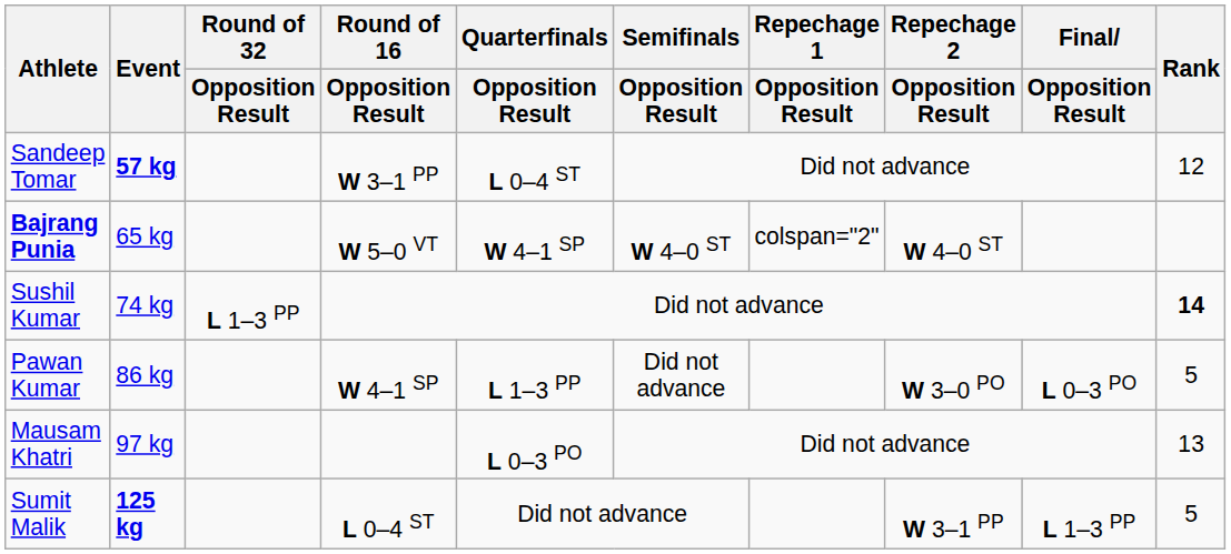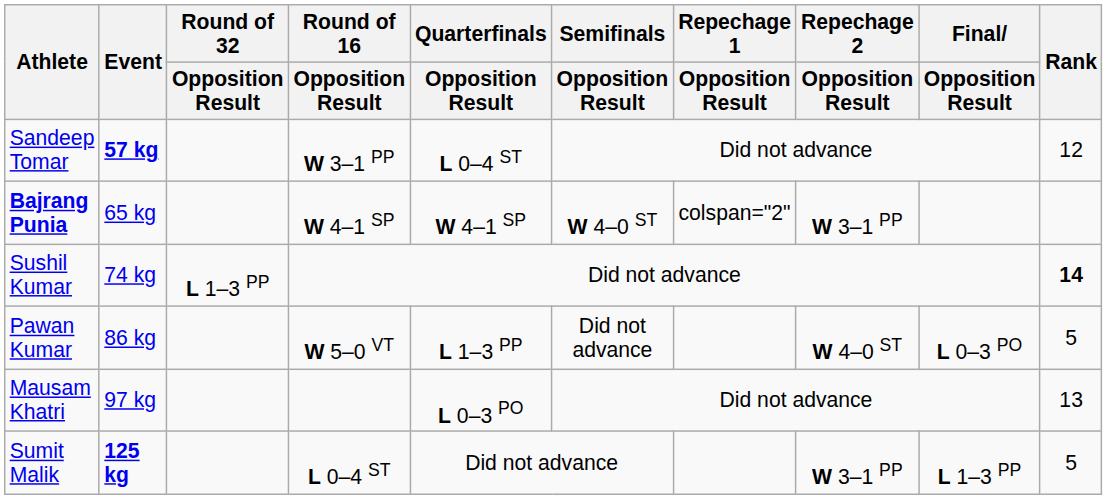 <table class=wikitable style="text-align:center; font-size:90%">
 <tr>
 <th rowspan=2>Athlete</th>
 <th rowspan=2>Event</th>
 <th>Round of 32</th>
 <th>Round of 16</th>
 <th>Quarterfinals</th>
 <th>Semifinals</th>
 <th>Repechage 1</th>
 <th>Repechage 2</th>
 <th>Final/</th>
 <th rowspan=2>Rank</th>
 </tr>
 <tr>
 <th>Opposition<br>Result</th>
 <th>Opposition<br>Result</th>
 <th>Opposition<br>Result</th>
 <th>Opposition<br>Result</th>
 <th>Opposition<br>Result</th>
 <th>Opposition<br>Result</th>
 <th>Opposition<br>Result</th>
 </tr>
 <tr>
 <td align=left><a href='#'>Sandeep Tomar</a></td>
 <td align=left><strong><a href='#'>57 kg</a></strong></td>
 <td></td>
 <td><br><strong>W</strong> 3–1 <sup>PP</sup></td>
 <td><br><strong>L</strong> 0–4 <sup>ST</sup></td>
 <td colspan="4">Did not advance</td>
 <td>12</td>
 </tr>
 <tr>
 <td align=left><strong><a href='#'>Bajrang Punia</a></strong></td>
 <td align=left><a href='#'>65 kg</a></td>
 <td></td>
-<td><br><strong>W</strong> 5–0 <sup>VT</sup></td>
+<td><br><strong>W</strong> 4–1 <sup>SP</sup></td>
 <td><br><strong>W</strong> 4–1 <sup>SP</sup></td>
 <td><br><strong>W</strong> 4–0 <sup>ST</sup></td>
 <td>colspan="2" </td>
-<td><br><strong>W</strong> 4–0 <sup>ST</sup></td>
+<td><br><strong>W</strong> 3–1 <sup>PP</sup></td>
 <td></td>
 </tr>
 <tr>
 <td align=left><a href='#'>Sushil Kumar</a></td>
 <td style="text-align:left;"><a href='#'>74 kg</a></td>
 <td><br><strong>L</strong> 1–3 <sup>PP</sup></td>
 <td colspan="6">Did not advance</td>
 <td><strong>14</strong></td>
 </tr>
 <tr>
 <td align=left><a href='#'>Pawan Kumar</a></td>
 <td align=left><a href='#'>86 kg</a></td>
 <td></td>
-<td><br><strong>W</strong> 4–1 <sup>SP</sup></td>
+<td><br><strong>W</strong> 5–0 <sup>VT</sup></td>
 <td><br><strong>L</strong> 1–3 <sup>PP</sup></td>
 <td>Did not advance</td>
 <td></td>
-<td><br><strong>W</strong> 3–0 <sup>PO</sup></td>
+<td><br><strong>W</strong> 4–0 <sup>ST</sup></td>
 <td><br><strong>L</strong> 0–3 <sup>PO</sup></td>
 <td>5</td>
 </tr>
 <tr>
 <td align=left><a href='#'>Mausam Khatri</a></td>
 <td align=left><a href='#'>97 kg</a></td>
 <td></td>
 <td></td>
 <td><br><strong>L</strong> 0–3 <sup>PO</sup></td>
 <td colspan="4">Did not advance</td>
 <td>13</td>
 </tr>
 <tr>
 <td align=left><a href='#'>Sumit Malik</a></td>
 <td align=left><strong><a href='#'>125 kg</a></strong></td>
 <td></td>
 <td><br><strong>L</strong> 0–4 <sup>ST</sup></td>
 <td colspan="2">Did not advance</td>
 <td></td>
 <td><br><strong>W</strong> 3–1 <sup>PP</sup></td>
 <td><br><strong>L</strong> 1–3 <sup>PP</sup></td>
 <td>5</td>
 </tr>
 </table>
